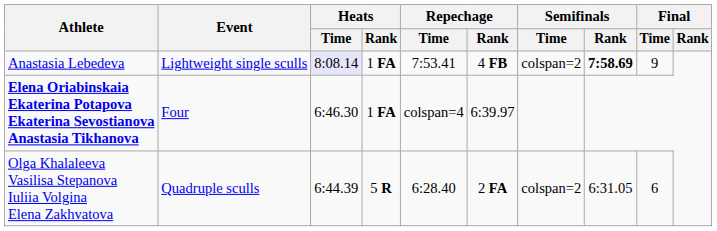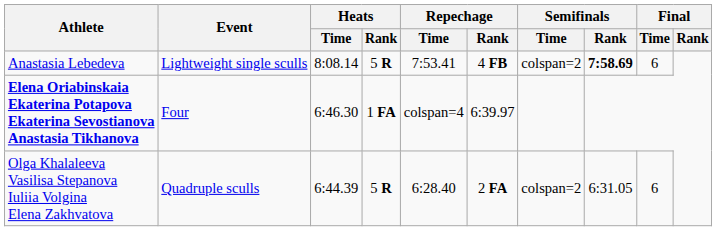 <table class="wikitable" style="font-size:90%">
 <tr>
 <th rowspan="2">Athlete</th>
 <th rowspan="2">Event</th>
 <th colspan="2">Heats</th>
 <th colspan="2">Repechage</th>
 <th colspan="2">Semifinals</th>
 <th colspan="2">Final</th>
 </tr>
 <tr style="font-size:95%">
 <th>Time</th>
 <th>Rank</th>
 <th>Time</th>
 <th>Rank</th>
 <th>Time</th>
 <th>Rank</th>
 <th>Time</th>
 <th>Rank</th>
 </tr>
 <tr align=center>
 <td align=left><a href='#'>Anastasia Lebedeva</a></td>
 <td align=left><a href='#'>Lightweight single sculls</a></td>
-<td style="background: lavender;">8:08.14</td>
-<td>1 <strong>FA</strong></td>
+<td>8:08.14</td>
+<td>5 <strong>R</strong></td>
 <td>7:53.41</td>
 <td>4 <strong>FB</strong></td>
 <td>colspan=2 </td>
 <td><strong>7:58.69</strong></td>
-<td>9</td>
+<td>6</td>
 </tr>
 <tr align=center>
 <td align=left><strong><a href='#'>Elena Oriabinskaia</a><br><a href='#'>Ekaterina Potapova</a><br><a href='#'>Ekaterina Sevostianova</a><br><a href='#'>Anastasia Tikhanova</a></strong></td>
 <td align=left><a href='#'>Four</a></td>
 <td>6:46.30</td>
 <td>1 <strong>FA</strong></td>
 <td>colspan=4 </td>
 <td>6:39.97</td>
 <td></td>
 </tr>
 <tr align=center>
 <td align=left><a href='#'>Olga Khalaleeva</a><br><a href='#'>Vasilisa Stepanova</a><br><a href='#'>Iuliia Volgina</a><br><a href='#'>Elena Zakhvatova</a></td>
 <td align=left><a href='#'>Quadruple sculls</a></td>
 <td>6:44.39</td>
 <td>5 <strong>R</strong></td>
 <td>6:28.40</td>
 <td>2 <strong>FA</strong></td>
 <td>colspan=2 </td>
 <td>6:31.05</td>
 <td>6</td>
 </tr>
 </table>
